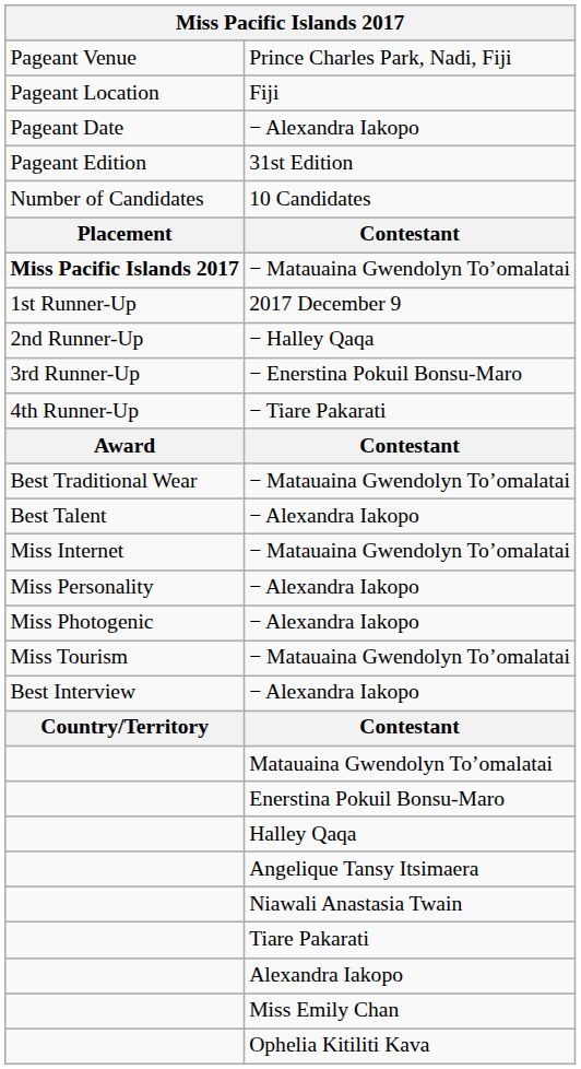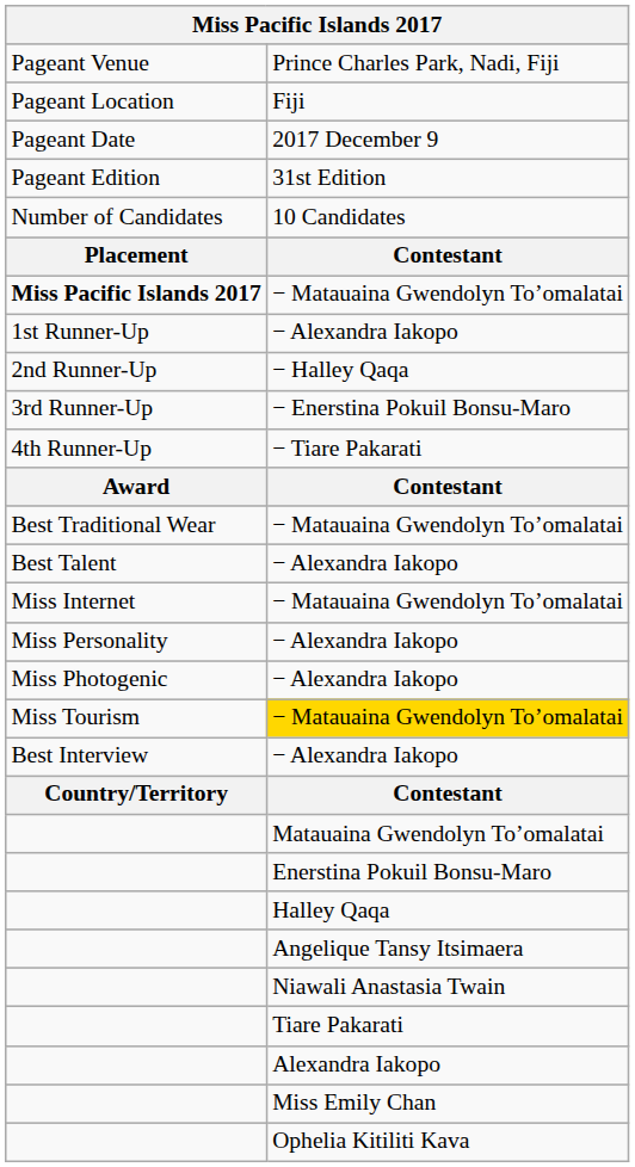 <table class="wikitable sortable" style="font-size: 80%;">
 <tr>
 <th colspan="2"><strong>Miss Pacific Islands 2017</strong></th>
 </tr>
 <tr>
 <td>Pageant Venue</td>
 <td>Prince Charles Park, Nadi, Fiji</td>
 </tr>
 <tr>
 <td>Pageant Location</td>
 <td>Fiji</td>
 </tr>
 <tr>
 <td>Pageant Date</td>
-<td> − Alexandra Iakopo</td>
+<td>2017 December 9</td>
 </tr>
 <tr>
 <td>Pageant Edition</td>
 <td>31st Edition</td>
 </tr>
 <tr>
 <td>Number of Candidates</td>
 <td>10 Candidates</td>
 </tr>
 <tr>
 <th>Placement</th>
 <th>Contestant</th>
 </tr>
 <tr>
 <td><strong>Miss Pacific Islands 2017</strong></td>
 <td> − Matauaina Gwendolyn To’omalatai</td>
 </tr>
 <tr>
 <td>1st Runner-Up</td>
-<td>2017 December 9</td>
+<td> − Alexandra Iakopo</td>
 </tr>
 <tr>
 <td>2nd Runner-Up</td>
 <td> − Halley Qaqa</td>
 </tr>
 <tr>
 <td>3rd Runner-Up</td>
 <td> − Enerstina Pokuil Bonsu-Maro</td>
 </tr>
 <tr>
 <td>4th Runner-Up</td>
 <td> − Tiare Pakarati</td>
 </tr>
 <tr>
 <th>Award</th>
 <th>Contestant</th>
 </tr>
 <tr>
 <td>Best Traditional Wear</td>
 <td> − Matauaina Gwendolyn To’omalatai</td>
 </tr>
 <tr>
 <td>Best Talent</td>
 <td> − Alexandra Iakopo</td>
 </tr>
 <tr>
 <td>Miss Internet</td>
 <td> − Matauaina Gwendolyn To’omalatai</td>
 </tr>
 <tr>
 <td>Miss Personality</td>
 <td> − Alexandra Iakopo</td>
 </tr>
 <tr>
 <td>Miss Photogenic</td>
 <td> − Alexandra Iakopo</td>
 </tr>
 <tr>
 <td>Miss Tourism</td>
-<td> − Matauaina Gwendolyn To’omalatai</td>
+<td style="background: gold;"> − Matauaina Gwendolyn To’omalatai</td>
 </tr>
 <tr>
 <td>Best Interview</td>
 <td> − Alexandra Iakopo</td>
 </tr>
 <tr>
 <th><strong>Country/Territory</strong></th>
 <th>Contestant</th>
 </tr>
 <tr>
 <td></td>
 <td>Matauaina Gwendolyn To’omalatai</td>
 </tr>
 <tr>
 <td></td>
 <td>Enerstina Pokuil Bonsu-Maro</td>
 </tr>
 <tr>
 <td></td>
 <td>Halley Qaqa</td>
 </tr>
 <tr>
 <td></td>
 <td>Angelique Tansy Itsimaera</td>
 </tr>
 <tr>
 <td></td>
 <td>Niawali Anastasia Twain</td>
 </tr>
 <tr>
 <td></td>
 <td>Tiare Pakarati</td>
 </tr>
 <tr>
 <td></td>
 <td>Alexandra Iakopo</td>
 </tr>
 <tr>
 <td></td>
 <td>Miss Emily Chan</td>
 </tr>
 <tr>
 <td></td>
 <td>Ophelia Kitiliti Kava</td>
 </tr>
 </table>
